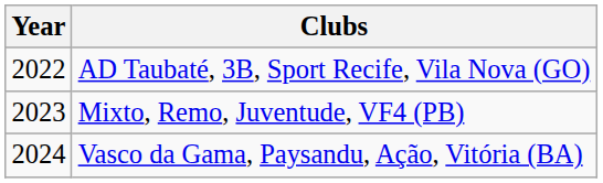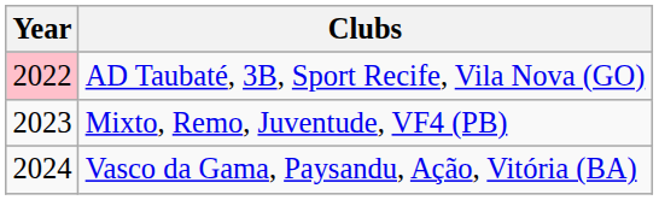 <table class="wikitable">
 <tr>
 <th>Year</th>
 <th>Clubs</th>
 </tr>
 <tr>
-<td>2022</td>
+<td style="background: pink;">2022</td>
 <td><a href='#'>AD Taubaté</a>, <a href='#'>3B</a>, <a href='#'>Sport Recife</a>, <a href='#'>Vila Nova (GO)</a></td>
 </tr>
 <tr>
 <td>2023</td>
 <td><a href='#'>Mixto</a>, <a href='#'>Remo</a>, <a href='#'>Juventude</a>, <a href='#'>VF4 (PB)</a></td>
 </tr>
 <tr>
 <td>2024</td>
 <td><a href='#'>Vasco da Gama</a>, <a href='#'>Paysandu</a>, <a href='#'>Ação</a>, <a href='#'>Vitória (BA)</a></td>
 </tr>
 </table>
